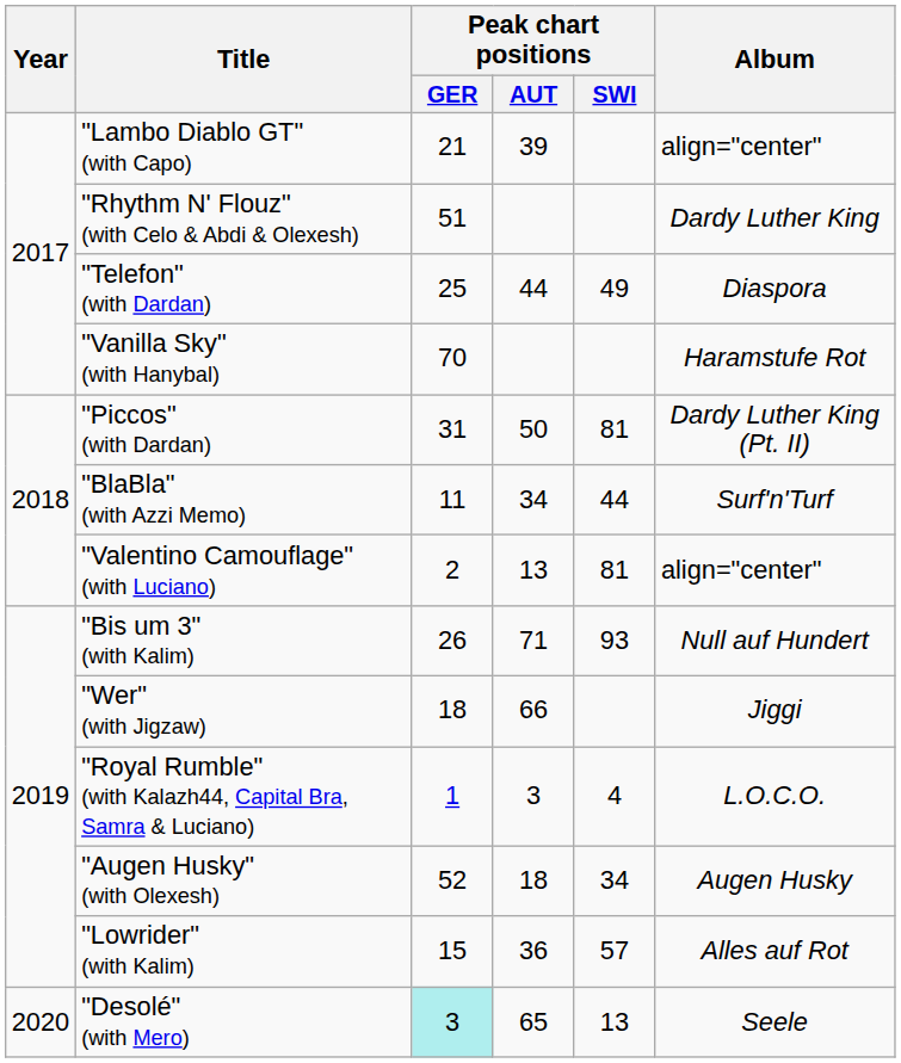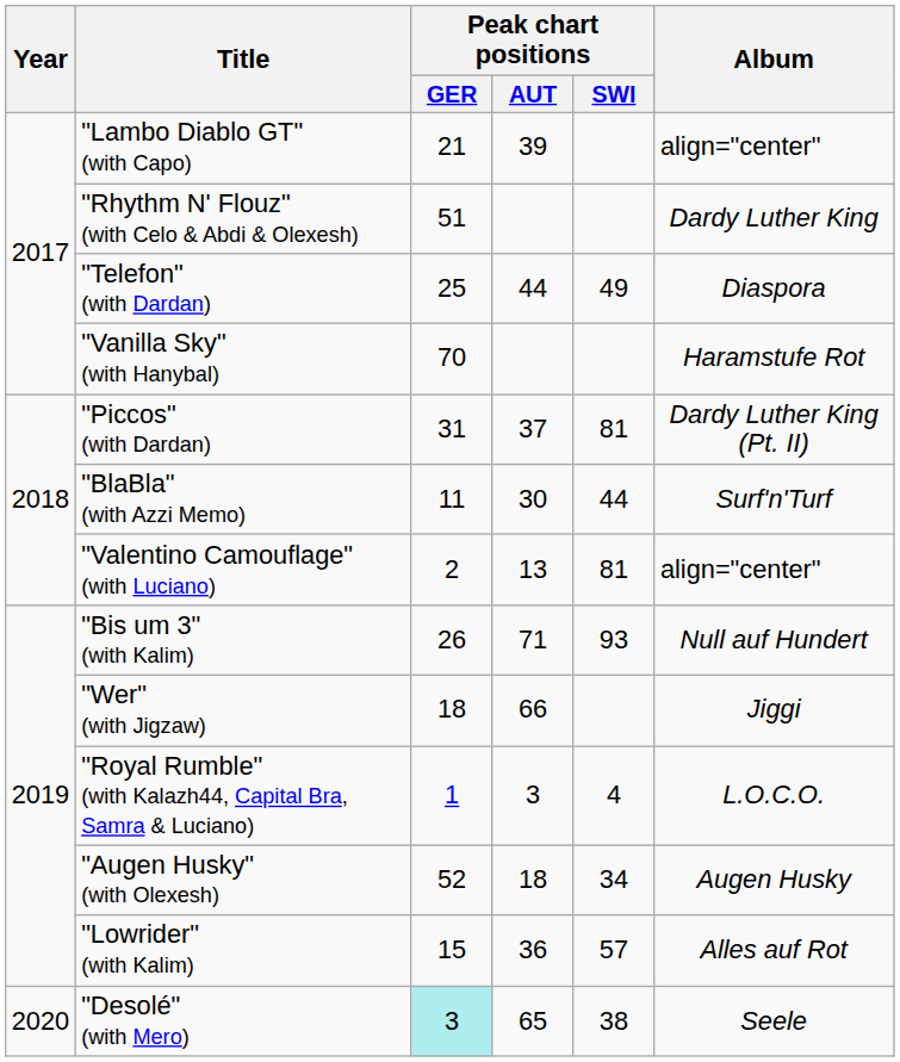 <table class="wikitable">
 <tr style="background: #eeeeee;">
 <th style="width: 20px;" rowspan="2">Year</th>
 <th style="width: 200px;" rowspan="2">Title</th>
 <th colspan="3">Peak chart positions</th>
 <th style="width: 140px;" rowspan="2">Album</th>
 </tr>
 <tr style="background: #eeeeee;">
 <th scope="col" style="width:3em;font-size:90%;"><a href='#'>GER</a><br></th>
 <th scope="col" style="width:3em;font-size:90%;"><a href='#'>AUT</a><br></th>
 <th scope="col" style="width:3em;font-size:90%;"><a href='#'>SWI</a><br></th>
 </tr>
 <tr>
 <td rowspan=4>2017</td>
 <td>"Lambo Diablo GT" <br><small>(with Capo)</small></td>
 <td align="center">21</td>
 <td align="center">39</td>
 <td align="center"></td>
 <td>align="center" </td>
 </tr>
 <tr>
 <td>"Rhythm N' Flouz" <br><small>(with Celo & Abdi & Olexesh)</small></td>
 <td align="center">51</td>
 <td align="center"></td>
 <td align="center"></td>
 <td align="center"><em>Dardy Luther King</em></td>
 </tr>
 <tr>
 <td>"Telefon" <br><small>(with <a href='#'>Dardan</a>)</small></td>
 <td align="center">25</td>
 <td align="center">44</td>
 <td align="center">49</td>
 <td align="center"><em>Diaspora</em></td>
 </tr>
 <tr>
 <td>"Vanilla Sky" <br><small>(with Hanybal)</small></td>
 <td align="center">70</td>
 <td align="center"></td>
 <td align="center"></td>
 <td align="center"><em>Haramstufe Rot</em></td>
 </tr>
 <tr>
 <td rowspan=3>2018</td>
 <td>"Piccos" <br><small>(with Dardan)</small></td>
 <td align="center">31</td>
-<td align="center">50</td>
+<td align="center">37</td>
 <td align="center">81</td>
 <td align="center"><em>Dardy Luther King (Pt. II)</em></td>
 </tr>
 <tr>
 <td>"BlaBla" <br><small>(with Azzi Memo)</small></td>
 <td align="center">11</td>
-<td align="center">34</td>
+<td align="center">30</td>
 <td align="center">44</td>
 <td align="center"><em>Surf'n'Turf</em></td>
 </tr>
 <tr>
 <td>"Valentino Camouflage" <br><small>(with <a href='#'>Luciano</a>)</small></td>
 <td align="center">2</td>
 <td align="center">13</td>
 <td align="center">81</td>
 <td>align="center" </td>
 </tr>
 <tr>
 <td rowspan=5>2019</td>
 <td>"Bis um 3" <br><small>(with Kalim)</small></td>
 <td align="center">26</td>
 <td align="center">71</td>
 <td align="center">93</td>
 <td align="center"><em>Null auf Hundert</em></td>
 </tr>
 <tr>
 <td>"Wer" <br><small>(with Jigzaw)</small></td>
 <td align="center">18</td>
 <td align="center">66</td>
 <td align="center"></td>
 <td align="center"><em>Jiggi</em></td>
 </tr>
 <tr>
 <td>"Royal Rumble" <br><small>(with Kalazh44, <a href='#'>Capital Bra</a>, <a href='#'>Samra</a> & Luciano)</small></td>
 <td align="center"><a href='#'>1</a></td>
 <td align="center">3</td>
 <td align="center">4</td>
 <td align="center"><em>L.O.C.O.</em></td>
 </tr>
 <tr>
 <td>"Augen Husky" <br><small>(with Olexesh)</small></td>
 <td align="center">52</td>
 <td align="center">18</td>
 <td align="center">34</td>
 <td align="center"><em>Augen Husky</em></td>
 </tr>
 <tr>
 <td>"Lowrider" <br><small>(with Kalim)</small></td>
 <td align="center">15</td>
 <td align="center">36</td>
 <td align="center">57</td>
 <td align="center"><em>Alles auf Rot</em></td>
 </tr>
 <tr>
 <td>2020</td>
 <td>"Desolé" <br><small>(with <a href='#'>Mero</a>)</small></td>
 <td align="center" style="background: paleturquoise;">3</td>
 <td align="center">65</td>
-<td align="center">13</td>
+<td align="center">38</td>
 <td align="center"><em>Seele</em></td>
 </tr>
 </table>
